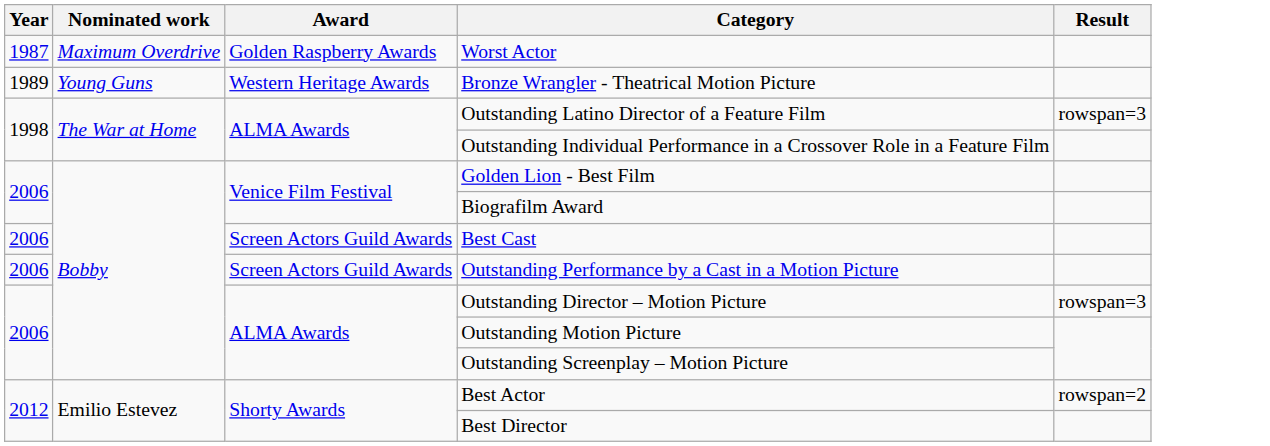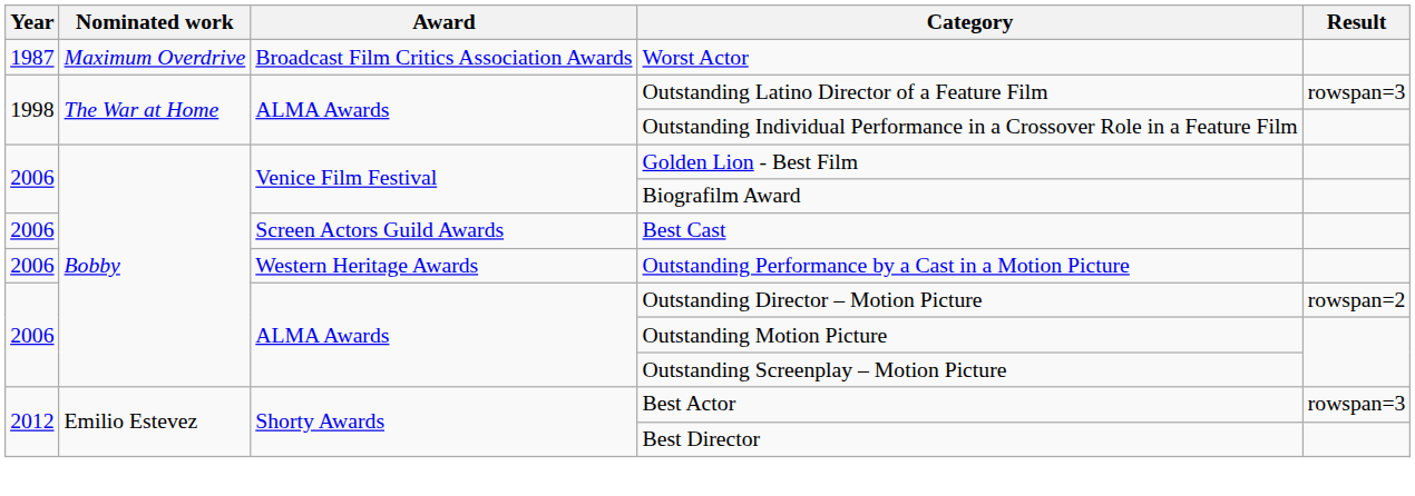 <table class="wikitable">
 <tr>
 <th>Year</th>
 <th>Nominated work</th>
 <th>Award</th>
 <th>Category</th>
 <th>Result</th>
 </tr>
 <tr>
 <td><a href='#'>1987</a></td>
 <td><em><a href='#'>Maximum Overdrive</a></em></td>
-<td><a href='#'>Golden Raspberry Awards</a></td>
+<td><a href='#'>Broadcast Film Critics Association Awards</a></td>
 <td><a href='#'>Worst Actor</a></td>
-<td></td>
-</tr>
-<tr>
-<td>1989</td>
-<td><em><a href='#'>Young Guns</a></em></td>
-<td><a href='#'>Western Heritage Awards</a></td>
-<td><a href='#'>Bronze Wrangler</a> - Theatrical Motion Picture</td>
 <td></td>
 </tr>
 <tr>
 <td rowspan=2>1998</td>
 <td rowspan=2><em><a href='#'>The War at Home</a></em></td>
 <td rowspan=2><a href='#'>ALMA Awards</a></td>
 <td>Outstanding Latino Director of a Feature Film</td>
 <td>rowspan=3 </td>
 </tr>
 <tr>
 <td>Outstanding Individual Performance in a Crossover Role in a Feature Film</td>
 </tr>
 <tr>
 <td rowspan=2><a href='#'>2006</a></td>
 <td rowspan="7"><em><a href='#'>Bobby</a></em></td>
 <td rowspan=2><a href='#'>Venice Film Festival</a></td>
 <td><a href='#'>Golden Lion</a> - Best Film</td>
 <td></td>
 </tr>
 <tr>
 <td>Biografilm Award</td>
 <td></td>
 </tr>
 <tr>
 <td><a href='#'>2006</a></td>
 <td><a href='#'>Screen Actors Guild Awards</a></td>
 <td><a href='#'>Best Cast</a></td>
 <td></td>
 </tr>
 <tr>
 <td><a href='#'>2006</a></td>
-<td><a href='#'>Screen Actors Guild Awards</a></td>
+<td><a href='#'>Western Heritage Awards</a></td>
 <td><a href='#'>Outstanding Performance by a Cast in a Motion Picture</a></td>
 <td></td>
 </tr>
 <tr>
 <td rowspan=3><a href='#'>2006</a></td>
 <td rowspan=3><a href='#'>ALMA Awards</a></td>
 <td>Outstanding Director – Motion Picture</td>
-<td>rowspan=3 </td>
+<td>rowspan=2 </td>
 </tr>
 <tr>
 <td>Outstanding Motion Picture</td>
 </tr>
 <tr>
 <td>Outstanding Screenplay – Motion Picture</td>
 </tr>
 <tr>
 <td rowspan=2><a href='#'>2012</a></td>
 <td rowspan=2>Emilio Estevez</td>
 <td rowspan=2><a href='#'>Shorty Awards</a></td>
 <td>Best Actor</td>
-<td>rowspan=2 </td>
+<td>rowspan=3 </td>
 </tr>
 <tr>
 <td>Best Director</td>
 </tr>
 </table>
